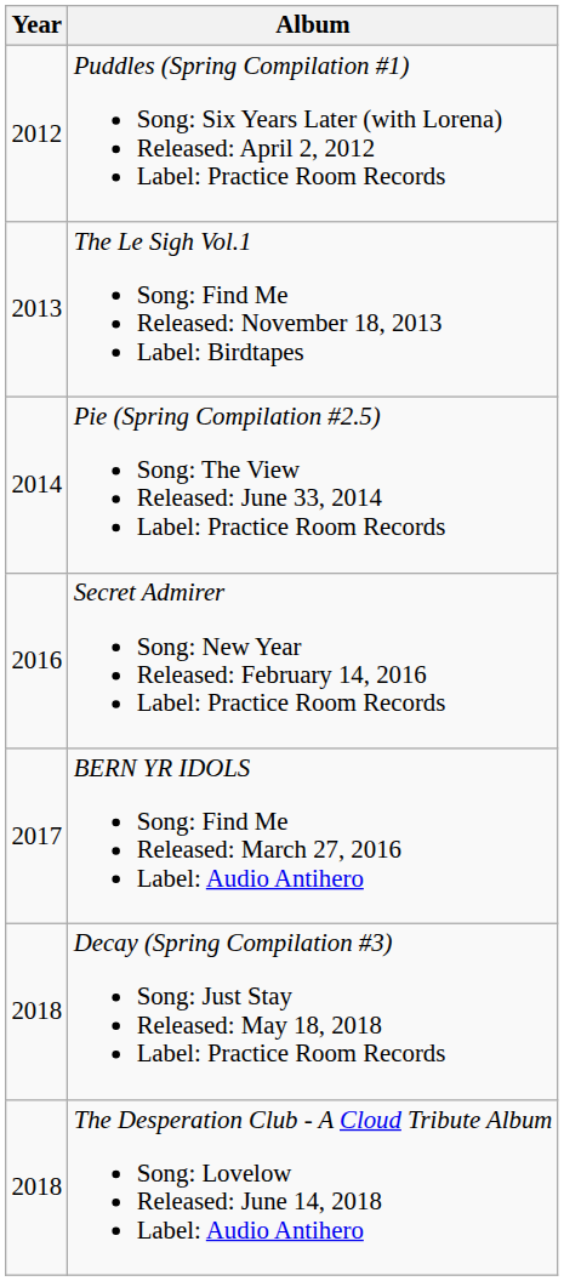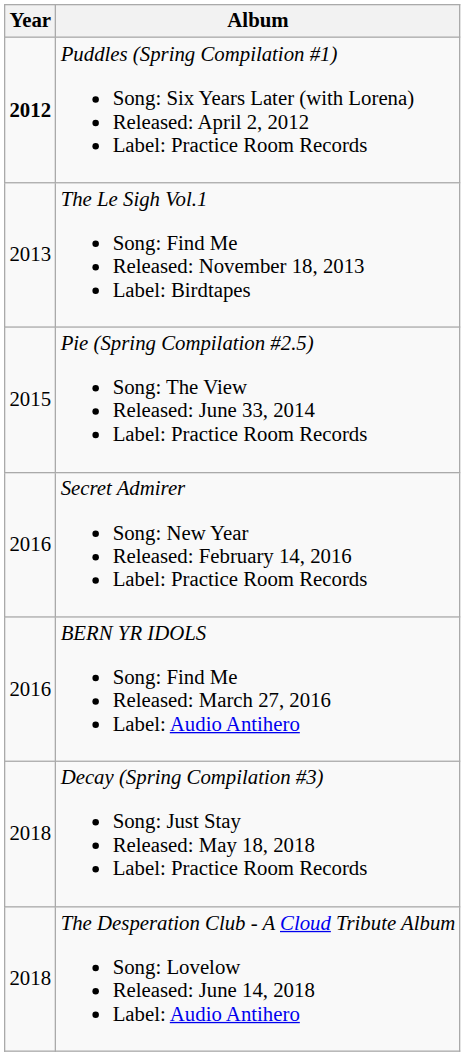 <table class="wikitable plainrowheaders" style="text-align:center;">
 <tr>
 <th>Year</th>
 <th>Album</th>
 </tr>
 <tr>
-<td>2012</td>
+<td><strong>2012</strong></td>
 <td style="text-align:left;"><em>Puddles (Spring Compilation #1)</em><br><ul><li>Song: Six Years Later (with Lorena)</li><li>Released: April 2, 2012 </li><li>Label: Practice Room Records</li></ul></td>
 </tr>
 <tr>
 <td>2013</td>
 <td style="text-align:left;"><em>The Le Sigh Vol.1</em><br><ul><li>Song: Find Me</li><li>Released: November 18, 2013 </li><li>Label: Birdtapes</li></ul></td>
 </tr>
 <tr>
-<td>2014</td>
+<td>2015</td>
 <td style="text-align:left;"><em>Pie (Spring Compilation #2.5)</em><br><ul><li>Song: The View</li><li>Released: June 33, 2014 </li><li>Label: Practice Room Records</li></ul></td>
 </tr>
 <tr>
 <td>2016</td>
 <td style="text-align:left;"><em>Secret Admirer</em><br><ul><li>Song: New Year</li><li>Released: February 14, 2016 </li><li>Label: Practice Room Records</li></ul></td>
 </tr>
 <tr>
-<td>2017</td>
+<td>2016</td>
 <td style="text-align:left;"><em>BERN YR IDOLS</em><br><ul><li>Song: Find Me</li><li>Released: March 27, 2016 </li><li>Label: <a href='#'>Audio Antihero</a></li></ul></td>
 </tr>
 <tr>
 <td>2018</td>
 <td style="text-align:left;"><em>Decay (Spring Compilation #3)</em><br><ul><li>Song: Just Stay</li><li>Released: May 18, 2018 </li><li>Label: Practice Room Records</li></ul></td>
 </tr>
 <tr>
 <td>2018</td>
 <td style="text-align:left;"><em>The Desperation Club - A <a href='#'>Cloud</a> Tribute Album</em><br><ul><li>Song: Lovelow</li><li>Released: June 14, 2018 </li><li>Label: <a href='#'>Audio Antihero</a></li></ul></td>
 </tr>
 </table>
